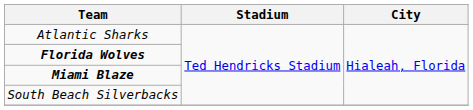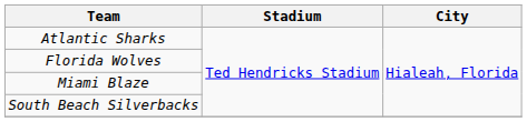 <table class="wikitable" style="text-align:center">
 <tr>
 <th>Team</th>
 <th>Stadium</th>
 <th>City</th>
 </tr>
 <tr>
 <td><em>Atlantic Sharks</em></td>
 <td rowspan="4" style="text-align:center"><a href='#'>Ted Hendricks Stadium</a></td>
 <td rowspan="4" style="text-align:center"><a href='#'>Hialeah, Florida</a></td>
 </tr>
 <tr>
-<td><strong><em>Florida Wolves</em></strong></td>
+<td><em>Florida Wolves</em></td>
 </tr>
 <tr>
-<td><strong><em>Miami Blaze</em></strong></td>
+<td><em>Miami Blaze</em></td>
 </tr>
 <tr>
 <td><em>South Beach Silverbacks</em></td>
 </tr>
 <tr>
 </tr>
 </table>
